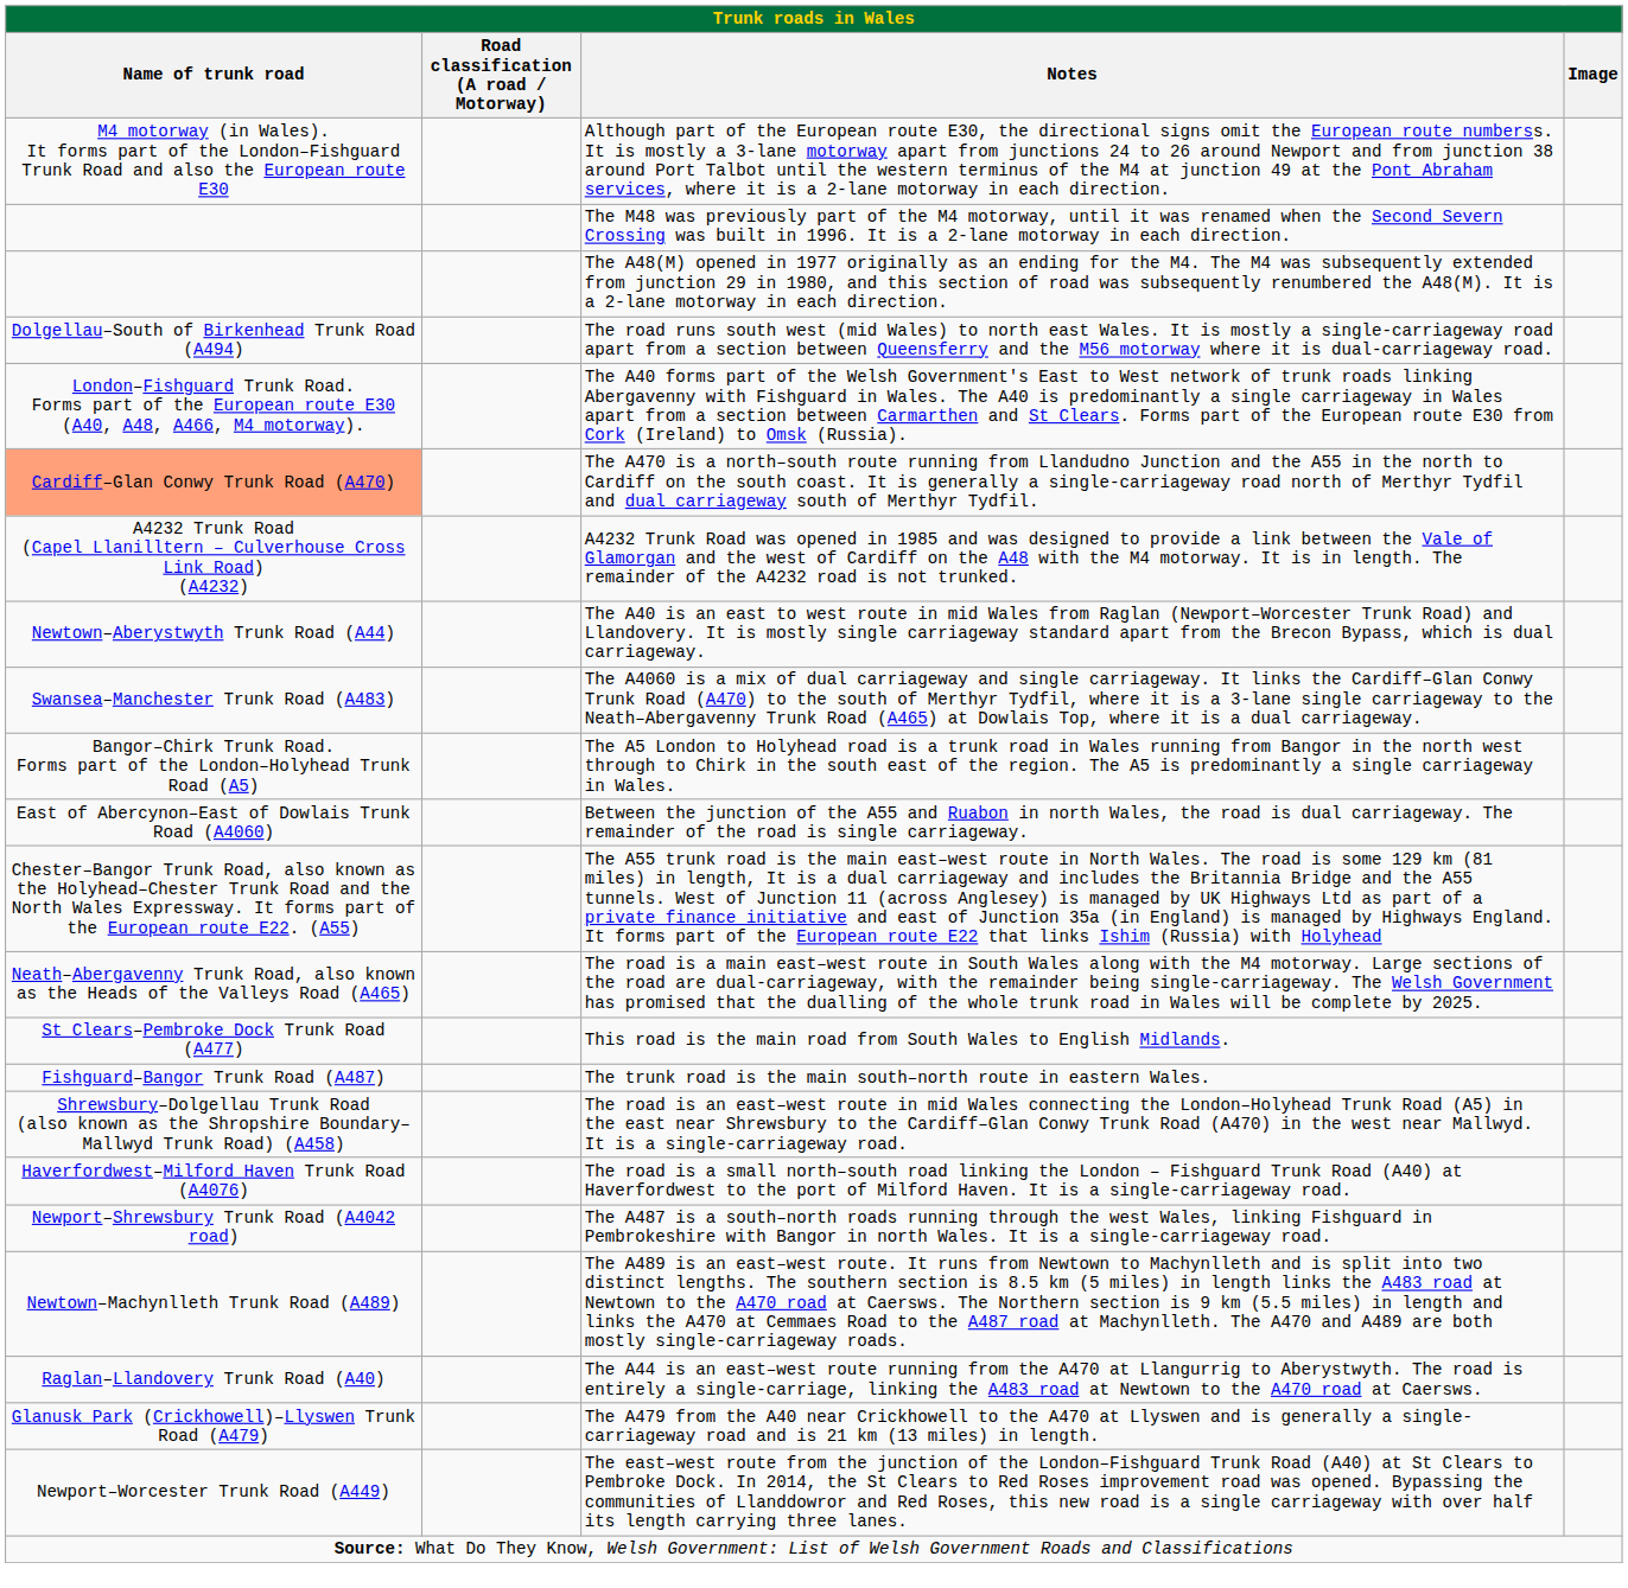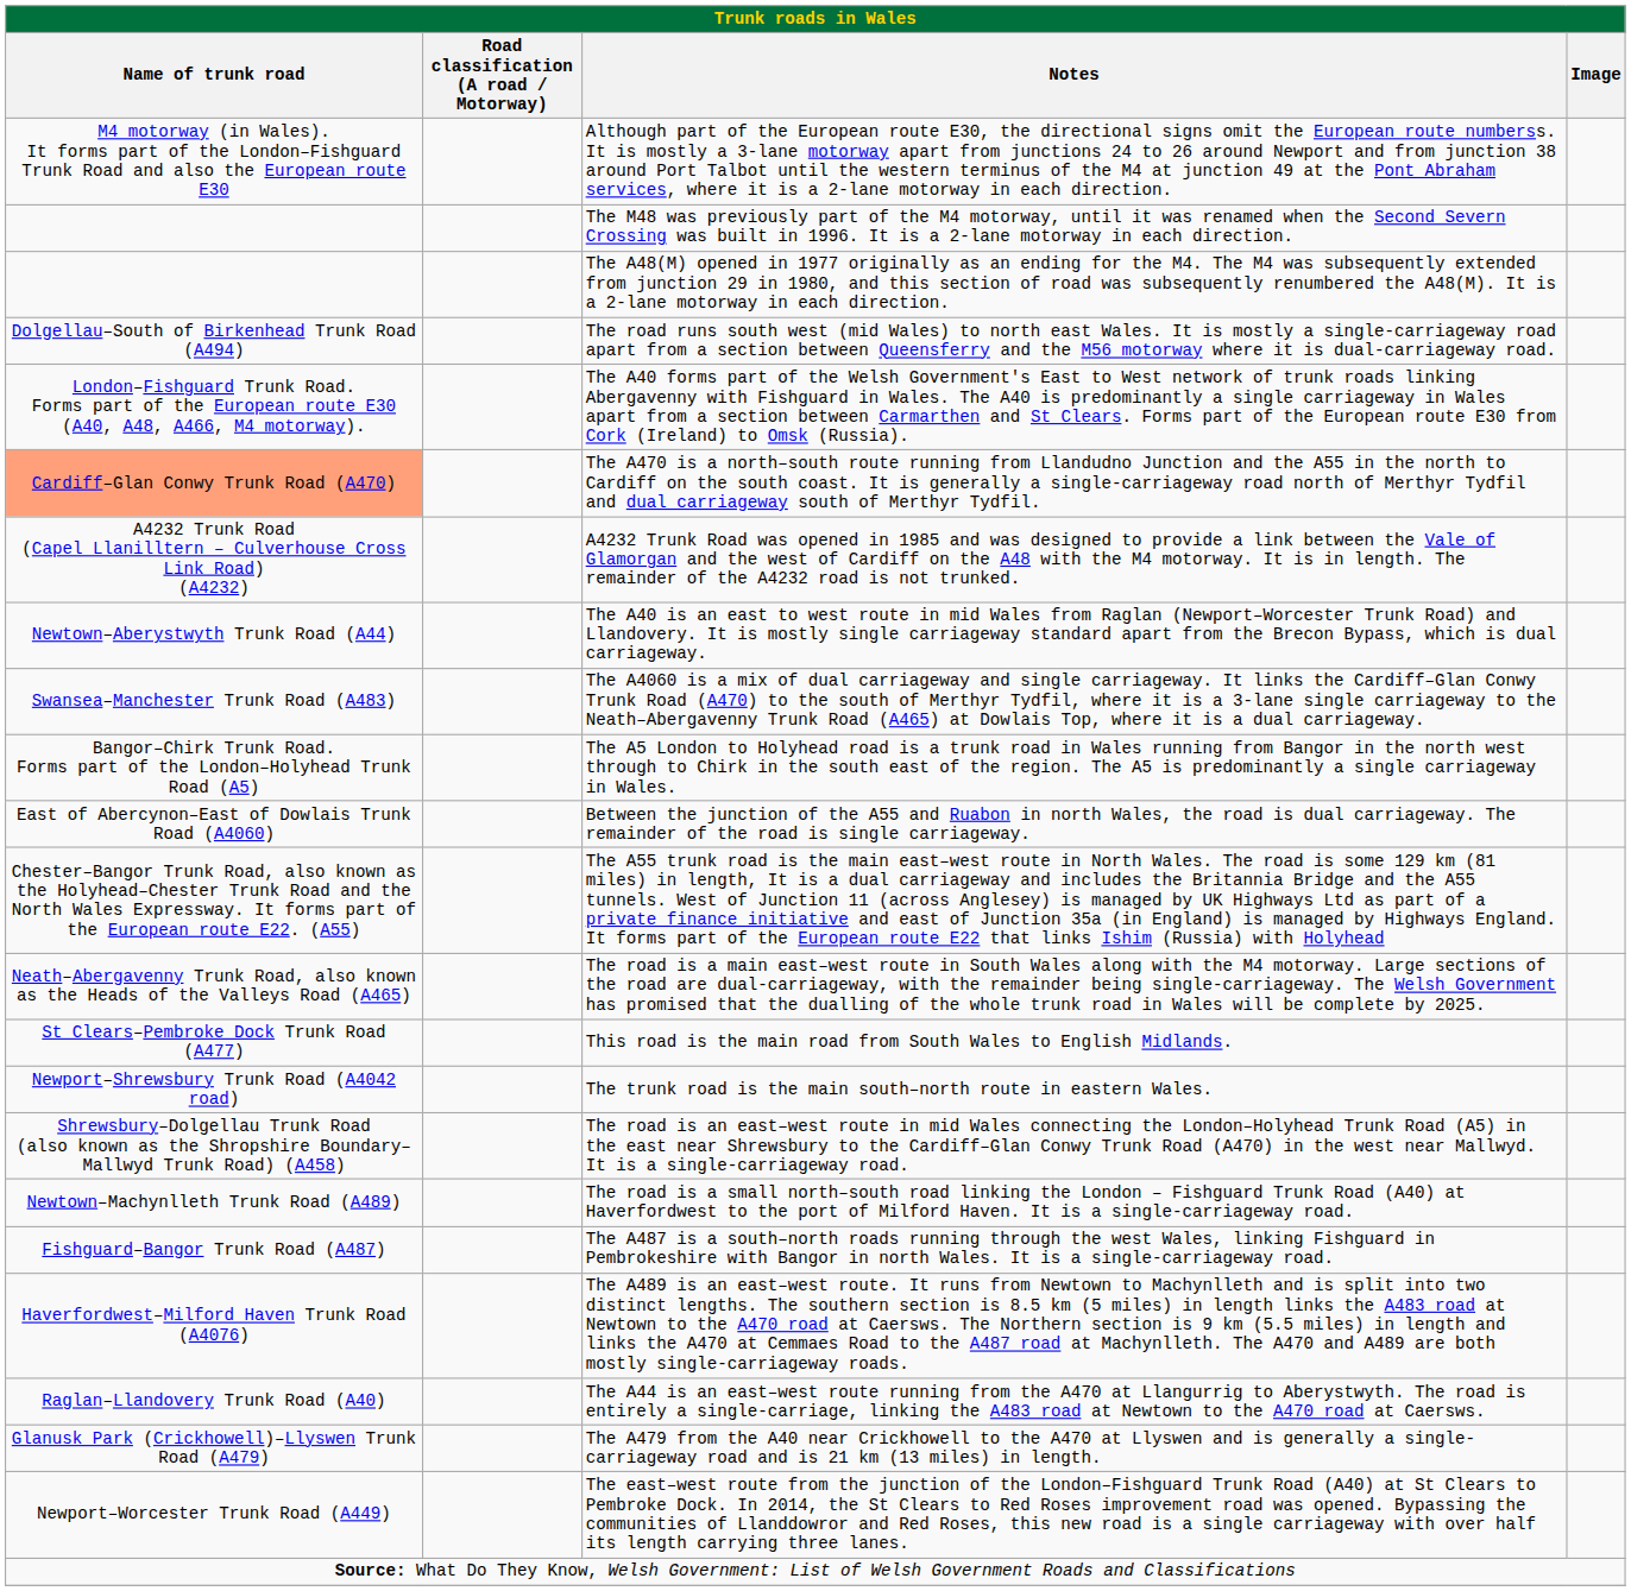 <table class = "wikitable">
 <tr>
 <th colspan=4 style="text-align: center; background-color: #00703c; color: #ffd200;">Trunk roads in Wales</th>
 </tr>
 <tr>
 <th>Name of trunk road</th>
 <th>Road classification<br>(A road / Motorway)</th>
 <th>Notes</th>
 <th>Image</th>
 </tr>
 <tr>
 <td style="text-align:center;"><a href='#'>M4 motorway</a> (in Wales).<br> It forms part of the London–Fishguard Trunk Road and also the <a href='#'>European route E30</a></td>
 <td></td>
 <td>Although part of the European route E30, the directional signs omit the <a href='#'>European route numbers</a>s. It is mostly a 3-lane <a href='#'>motorway</a> apart from junctions 24 to 26 around Newport and from junction 38 around Port Talbot until the western terminus of the M4 at junction 49 at the <a href='#'>Pont Abraham services</a>, where it is a 2-lane motorway in each direction.</td>
 <td></td>
 </tr>
 <tr>
 <td></td>
 <td></td>
 <td>The M48 was previously part of the M4 motorway, until it was renamed when the <a href='#'>Second Severn Crossing</a> was built in 1996. It is a 2-lane motorway in each direction.</td>
 <td></td>
 </tr>
 <tr>
 <td></td>
 <td></td>
 <td>The A48(M) opened in 1977 originally as an ending for the M4. The M4 was subsequently extended from junction 29 in 1980, and this section of road was subsequently renumbered the A48(M). It is a 2-lane motorway in each direction.</td>
 <td><br></td>
 </tr>
 <tr>
 <td style="text-align:center;"><a href='#'>Dolgellau</a>–South of <a href='#'>Birkenhead</a> Trunk Road (<a href='#'>A494</a>)</td>
 <td></td>
 <td>The road runs south west (mid Wales) to north east Wales. It is mostly a single-carriageway road apart from a section between <a href='#'>Queensferry</a> and the <a href='#'>M56 motorway</a> where it is dual-carriageway road.</td>
 <td><br></td>
 </tr>
 <tr>
 <td style="text-align:center;"><a href='#'>London</a>–<a href='#'>Fishguard</a> Trunk Road.<br>Forms part of the <a href='#'>European route E30</a><br>(<a href='#'>A40</a>, <a href='#'>A48</a>, <a href='#'>A466</a>, <a href='#'>M4 motorway</a>).</td>
 <td style="text-align:center;"> <br> </td>
 <td>The A40 forms part of the Welsh Government's East to West network of trunk roads linking Abergavenny with Fishguard in Wales. The A40 is predominantly a single carriageway in Wales apart from a section between <a href='#'>Carmarthen</a> and <a href='#'>St Clears</a>. Forms part of the  European route E30 from <a href='#'>Cork</a> (Ireland) to <a href='#'>Omsk</a> (Russia).</td>
 <td></td>
 </tr>
 <tr>
 <td style="background: lightsalmon; text-align:center;"><a href='#'>Cardiff</a>–Glan Conwy Trunk Road (<a href='#'>A470</a>)</td>
 <td></td>
 <td>The A470 is a north–south route running from Llandudno Junction and the A55 in the north to Cardiff on the south coast. It is generally a single-carriageway road north of Merthyr Tydfil and <a href='#'>dual carriageway</a> south of Merthyr Tydfil.</td>
 <td></td>
 </tr>
 <tr>
 <td style="text-align:center;">A4232 Trunk Road<br>(<a href='#'>Capel Llanilltern – Culverhouse Cross Link Road</a>)<br>(<a href='#'>A4232</a>)</td>
 <td></td>
 <td>A4232 Trunk Road was opened in 1985 and was designed to provide a link between the <a href='#'>Vale of Glamorgan</a> and the west of Cardiff on the <a href='#'>A48</a> with the M4 motorway. It is  in length. The remainder of the A4232 road is not trunked.</td>
 <td><br></td>
 </tr>
 <tr>
 <td style="text-align:center;"><a href='#'>Newtown</a>–<a href='#'>Aberystwyth</a> Trunk Road (<a href='#'>A44</a>)</td>
 <td></td>
 <td>The A40 is an east to west route in mid Wales from Raglan (Newport–Worcester Trunk Road) and Llandovery. It is mostly single carriageway standard apart from the Brecon Bypass, which is dual carriageway.</td>
 <td><br></td>
 </tr>
 <tr>
 <td style="text-align:center;"><a href='#'>Swansea</a>–<a href='#'>Manchester</a> Trunk Road (<a href='#'>A483</a>)</td>
 <td></td>
 <td>The A4060 is a mix of dual carriageway and single carriageway. It links the Cardiff–Glan Conwy Trunk Road (<a href='#'>A470</a>) to the south of Merthyr Tydfil, where it is a 3-lane single carriageway to the Neath–Abergavenny Trunk Road (<a href='#'>A465</a>) at Dowlais Top, where it is a dual carriageway.</td>
 <td></td>
 </tr>
 <tr>
 <td style="text-align:center;">Bangor–Chirk Trunk Road.<br> Forms part of the London–Holyhead Trunk Road (<a href='#'>A5</a>)</td>
 <td></td>
 <td>The A5 London to Holyhead road is a trunk road in Wales running from Bangor in the north west through to Chirk in the south east of the region. The A5 is predominantly a single carriageway in Wales.</td>
 <td><br></td>
 </tr>
 <tr>
 <td style="text-align:center;">East of Abercynon–East of Dowlais Trunk Road (<a href='#'>A4060</a>)</td>
 <td></td>
 <td>Between the junction of the A55 and <a href='#'>Ruabon</a> in north Wales, the road is dual carriageway. The remainder of the road is single carriageway.</td>
 <td><br></td>
 </tr>
 <tr>
 <td style="text-align:center;">Chester–Bangor Trunk Road, also known as the Holyhead–Chester Trunk Road and the North Wales Expressway. It forms part of the <a href='#'>European route E22</a>. (<a href='#'>A55</a>)</td>
 <td></td>
 <td>The A55 trunk road is the main east–west route in North Wales. The road is some 129 km (81 miles) in length, It is a dual carriageway and includes the Britannia Bridge and the A55 tunnels. West of Junction 11 (across Anglesey) is managed by UK Highways Ltd as part of a <a href='#'>private finance initiative</a> and east of Junction 35a (in England) is managed by Highways England. It forms part of the  <a href='#'>European route E22</a> that links <a href='#'>Ishim</a> (Russia) with <a href='#'>Holyhead</a></td>
 <td></td>
 </tr>
 <tr>
 <td style="text-align:center;"><a href='#'>Neath</a>–<a href='#'>Abergavenny</a> Trunk Road, also known as the Heads of the Valleys Road (<a href='#'>A465</a>)</td>
 <td></td>
 <td>The road is a main east–west route in South Wales along with the M4 motorway. Large sections of the road are dual-carriageway, with the remainder being single-carriageway. The <a href='#'>Welsh Government</a> has promised that the dualling of the whole trunk road in Wales will be complete by 2025.</td>
 <td></td>
 </tr>
 <tr>
 <td style="text-align:center;"><a href='#'>St Clears</a>–<a href='#'>Pembroke Dock</a> Trunk Road (<a href='#'>A477</a>)</td>
 <td></td>
 <td>This road is the main road from South Wales to English <a href='#'>Midlands</a>.</td>
 <td><br></td>
 </tr>
 <tr>
-<td style="text-align:center;"><a href='#'>Fishguard</a>–<a href='#'>Bangor</a> Trunk Road (<a href='#'>A487</a>)</td>
+<td style="text-align:center;"><a href='#'>Newport</a>–<a href='#'>Shrewsbury</a> Trunk Road (<a href='#'>A4042 road</a>)</td>
 <td></td>
 <td>The trunk road is the main south–north route in eastern Wales.</td>
 <td><br></td>
 </tr>
 <tr>
 <td style="text-align:center;"><a href='#'>Shrewsbury</a>–Dolgellau Trunk Road<br>(also known as the Shropshire Boundary–Mallwyd Trunk Road) (<a href='#'>A458</a>)</td>
 <td></td>
 <td>The road is an east–west route in mid Wales connecting the London–Holyhead Trunk Road (A5) in the east near Shrewsbury to the Cardiff–Glan Conwy Trunk Road (A470) in the west near Mallwyd. It is a single-carriageway road.</td>
 <td></td>
 </tr>
 <tr>
-<td style="text-align:center;"><a href='#'>Haverfordwest</a>–<a href='#'>Milford Haven</a> Trunk Road (<a href='#'>A4076</a>)</td>
+<td style="text-align:center;"><a href='#'>Newtown</a>–Machynlleth Trunk Road (<a href='#'>A489</a>)</td>
 <td></td>
 <td>The road is a small north–south road linking the London – Fishguard Trunk Road (A40) at Haverfordwest to the port of Milford Haven. It is a single-carriageway road.</td>
 <td></td>
 </tr>
 <tr>
-<td style="text-align:center;"><a href='#'>Newport</a>–<a href='#'>Shrewsbury</a> Trunk Road (<a href='#'>A4042 road</a>)</td>
+<td style="text-align:center;"><a href='#'>Fishguard</a>–<a href='#'>Bangor</a> Trunk Road (<a href='#'>A487</a>)</td>
 <td></td>
 <td>The A487 is a south–north roads running through the west Wales, linking Fishguard in Pembrokeshire with Bangor in north Wales. It is a single-carriageway road.</td>
 <td><br></td>
 </tr>
 <tr>
-<td style="text-align:center;"><a href='#'>Newtown</a>–Machynlleth Trunk Road (<a href='#'>A489</a>)</td>
+<td style="text-align:center;"><a href='#'>Haverfordwest</a>–<a href='#'>Milford Haven</a> Trunk Road (<a href='#'>A4076</a>)</td>
 <td></td>
 <td>The A489 is an east–west route. It runs from Newtown to Machynlleth and is split into two distinct lengths. The southern section is 8.5 km (5 miles) in length links the <a href='#'>A483 road</a> at Newtown to the <a href='#'>A470 road</a> at Caersws. The Northern section is 9 km (5.5 miles) in length and links the A470 at Cemmaes Road to the <a href='#'>A487 road</a> at Machynlleth. The A470 and A489 are both mostly single-carriageway roads.</td>
 <td></td>
 </tr>
 <tr>
 <td style="text-align:center;"><a href='#'>Raglan</a>–<a href='#'>Llandovery</a> Trunk Road (<a href='#'>A40</a>)</td>
 <td></td>
 <td>The A44 is an east–west route running from the A470 at Llangurrig to Aberystwyth. The road is entirely a single-carriage, linking the <a href='#'>A483 road</a> at Newtown to the <a href='#'>A470 road</a> at Caersws.</td>
 <td></td>
 </tr>
 <tr>
 <td style="text-align:center;"><a href='#'>Glanusk Park</a> (<a href='#'>Crickhowell</a>)–<a href='#'>Llyswen</a> Trunk Road (<a href='#'>A479</a>)</td>
 <td></td>
 <td>The A479 from the A40 near Crickhowell to the A470 at Llyswen and is generally a single-carriageway road and is 21 km (13 miles) in length.</td>
 <td><br></td>
 </tr>
 <tr>
 <td style="text-align:center;">Newport–Worcester Trunk Road (<a href='#'>A449</a>)</td>
 <td></td>
 <td>The east–west route from the junction of the London–Fishguard Trunk Road (A40) at St Clears to Pembroke Dock. In 2014, the St Clears to Red Roses improvement road was opened. Bypassing the communities of Llanddowror and Red Roses, this new road is a single carriageway with over half its length carrying three lanes.</td>
 <td><br></td>
 </tr>
 <tr align='center'>
 <td colspan=4><strong>Source:</strong> What Do They Know, <em>Welsh Government: List of Welsh Government Roads and Classifications</em></td>
 </tr>
 <tr>
 </tr>
 </table>
